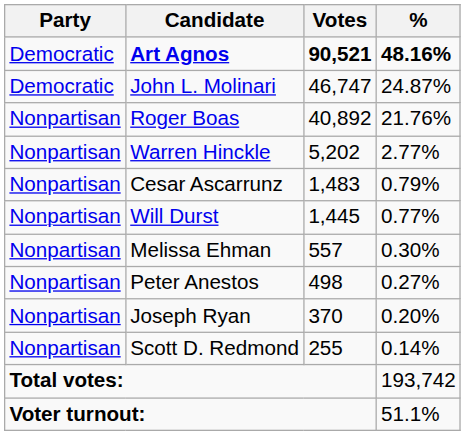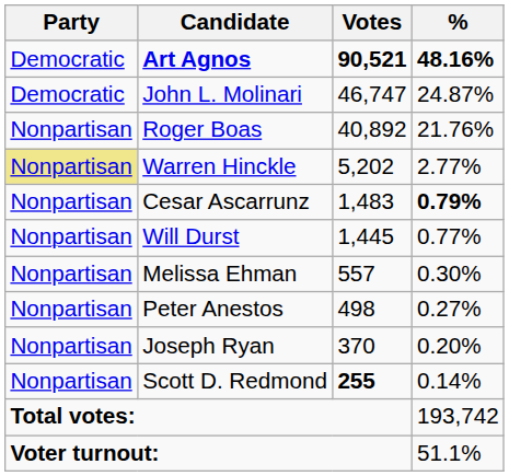 <table class="wikitable">
 <tr>
 <th>Party</th>
 <th>Candidate</th>
 <th>Votes</th>
 <th>%</th>
 </tr>
 <tr>
 <td><a href='#'>Democratic</a></td>
 <td><a href='#'><strong>Art Agnos</strong></a></td>
 <td><strong>90,521</strong></td>
 <td><strong>48.16%</strong></td>
 </tr>
 <tr>
 <td><a href='#'>Democratic</a></td>
 <td><a href='#'>John L. Molinari</a></td>
 <td>46,747</td>
 <td>24.87%</td>
 </tr>
 <tr>
 <td><a href='#'>Nonpartisan</a></td>
 <td><a href='#'>Roger Boas</a></td>
 <td>40,892</td>
 <td>21.76%</td>
 </tr>
 <tr>
-<td><a href='#'>Nonpartisan</a></td>
+<td style="background: khaki;"><a href='#'>Nonpartisan</a></td>
 <td><a href='#'>Warren Hinckle</a></td>
 <td>5,202</td>
 <td>2.77%</td>
 </tr>
 <tr>
 <td><a href='#'>Nonpartisan</a></td>
 <td>Cesar Ascarrunz</td>
 <td>1,483</td>
-<td>0.79%</td>
+<td><strong>0.79%</strong></td>
 </tr>
 <tr>
 <td><a href='#'>Nonpartisan</a></td>
 <td><a href='#'>Will Durst</a></td>
 <td>1,445</td>
 <td>0.77%</td>
 </tr>
 <tr>
 <td><a href='#'>Nonpartisan</a></td>
 <td>Melissa Ehman</td>
 <td>557</td>
 <td>0.30%</td>
 </tr>
 <tr>
 <td><a href='#'>Nonpartisan</a></td>
 <td>Peter Anestos</td>
 <td>498</td>
 <td>0.27%</td>
 </tr>
 <tr>
 <td><a href='#'>Nonpartisan</a></td>
 <td>Joseph Ryan</td>
 <td>370</td>
 <td>0.20%</td>
 </tr>
 <tr>
 <td><a href='#'>Nonpartisan</a></td>
 <td>Scott D. Redmond</td>
-<td>255</td>
+<td><strong>255</strong></td>
 <td>0.14%</td>
 </tr>
 <tr>
 <td colspan="3"><strong>Total votes:</strong></td>
 <td>193,742</td>
 </tr>
 <tr>
 <td colspan="3"><strong>Voter turnout:</strong></td>
 <td>51.1%</td>
 </tr>
 </table>
